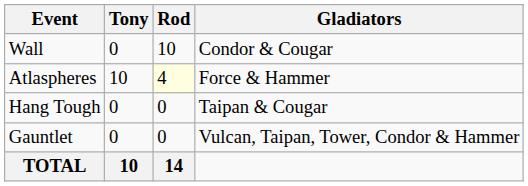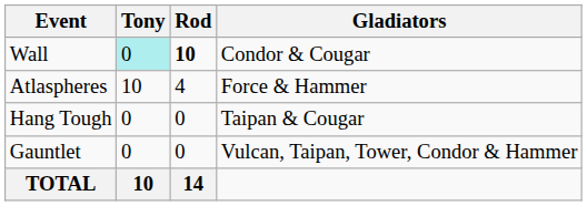 <table class="wikitable">
 <tr>
 <th>Event</th>
 <th>Tony</th>
 <th>Rod</th>
 <th>Gladiators</th>
 </tr>
 <tr>
 <td>Wall</td>
-<td>0</td>
-<td>10</td>
+<td style="background: paleturquoise;">0</td>
+<td><strong>10</strong></td>
 <td>Condor & Cougar</td>
 </tr>
 <tr>
 <td>Atlaspheres</td>
 <td>10</td>
-<td style="background: lightyellow;">4</td>
+<td>4</td>
 <td>Force & Hammer</td>
 </tr>
 <tr>
 <td>Hang Tough</td>
 <td>0</td>
 <td>0</td>
 <td>Taipan & Cougar</td>
 </tr>
 <tr>
 <td>Gauntlet</td>
 <td>0</td>
 <td>0</td>
 <td>Vulcan, Taipan, Tower, Condor & Hammer</td>
 </tr>
 <tr>
 <th>TOTAL</th>
 <th>10</th>
 <th>14</th>
 </tr>
 </table>
